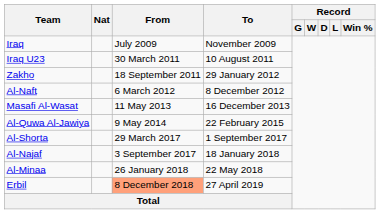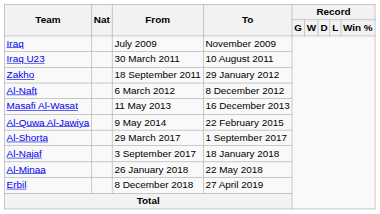 <table class="wikitable" style="text-align:center">
 <tr>
 <th rowspan="2">Team</th>
 <th rowspan="2">Nat</th>
 <th rowspan="2">From</th>
 <th rowspan="2">To</th>
 <th colspan="5">Record</th>
 </tr>
 <tr>
 <th>G</th>
 <th>W</th>
 <th>D</th>
 <th>L</th>
 <th>Win %</th>
 </tr>
 <tr>
 <td align=left><a href='#'>Iraq</a></td>
 <td></td>
 <td align=left>July 2009</td>
 <td align=left>November 2009<br></td>
 </tr>
 <tr>
 <td align=left><a href='#'>Iraq U23</a></td>
 <td></td>
 <td align=left>30 March 2011</td>
 <td align=left>10 August 2011<br></td>
 </tr>
 <tr>
 <td align=left><a href='#'>Zakho</a></td>
 <td></td>
 <td align=left>18 September 2011</td>
 <td align=left>29 January 2012<br></td>
 </tr>
 <tr>
 <td align=left><a href='#'>Al-Naft</a></td>
 <td></td>
 <td align=left>6 March 2012</td>
 <td align=left>8 December 2012<br></td>
 </tr>
 <tr>
 <td align=left><a href='#'>Masafi Al-Wasat</a></td>
 <td></td>
 <td align=left>11 May 2013</td>
 <td align=left>16 December 2013<br></td>
 </tr>
 <tr>
 <td align=left><a href='#'>Al-Quwa Al-Jawiya</a></td>
 <td></td>
 <td align=left>9 May 2014</td>
 <td align=left>22 February 2015<br></td>
 </tr>
 <tr>
 <td align=left><a href='#'>Al-Shorta</a></td>
 <td></td>
 <td align=left>29 March 2017</td>
 <td align=left>1 September 2017<br></td>
 </tr>
 <tr>
 <td align=left><a href='#'>Al-Najaf</a></td>
 <td></td>
 <td align=left>3 September 2017</td>
 <td align=left>18 January 2018<br></td>
 </tr>
 <tr>
 <td align=left><a href='#'>Al-Minaa</a></td>
 <td></td>
 <td align=left>26 January 2018</td>
 <td align=left>22 May 2018<br></td>
 </tr>
 <tr>
 <td align=left><a href='#'>Erbil</a></td>
 <td></td>
-<td align=left style="background: lightsalmon;">8 December 2018</td>
+<td align=left>8 December 2018</td>
 <td align=left>27 April 2019<br></td>
 </tr>
 <tr>
 <th colspan="4" align="center" valign=middle>Total<br></th>
 </tr>
 </table>
